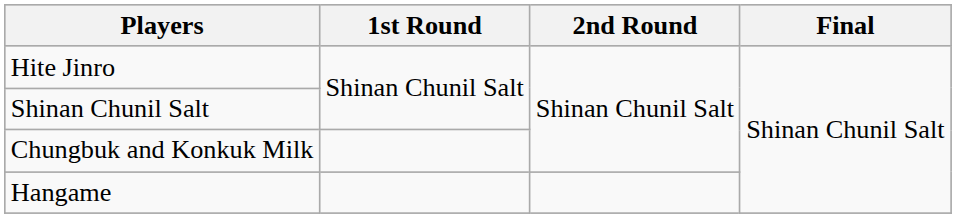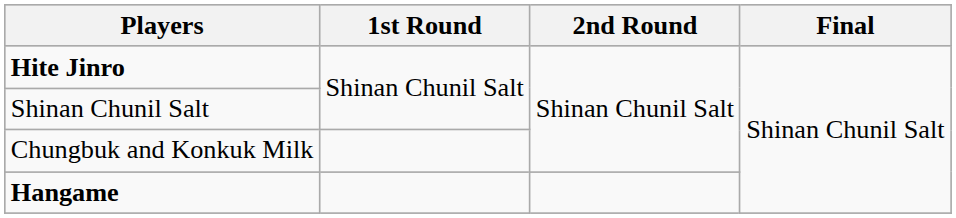 <table class="wikitable">
 <tr>
 <th>Players</th>
 <th>1st Round</th>
 <th>2nd Round</th>
 <th>Final</th>
 </tr>
 <tr>
-<td>Hite Jinro</td>
+<td><strong>Hite Jinro</strong></td>
 <td rowspan="2" valign="center">Shinan Chunil Salt</td>
 <td rowspan="3" valign="center">Shinan Chunil Salt</td>
 <td rowspan="4" valign="center">Shinan Chunil Salt</td>
 </tr>
 <tr>
 <td>Shinan Chunil Salt</td>
 </tr>
 <tr>
 <td>Chungbuk and Konkuk Milk</td>
 <td></td>
 </tr>
 <tr>
-<td>Hangame</td>
+<td><strong>Hangame</strong></td>
 <td></td>
 <td></td>
 </tr>
 </table>
